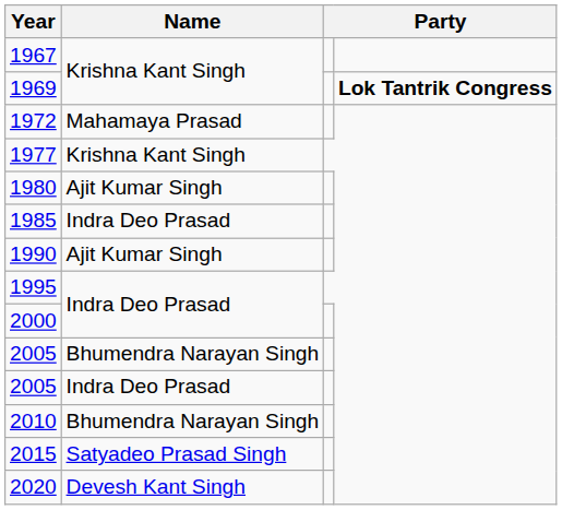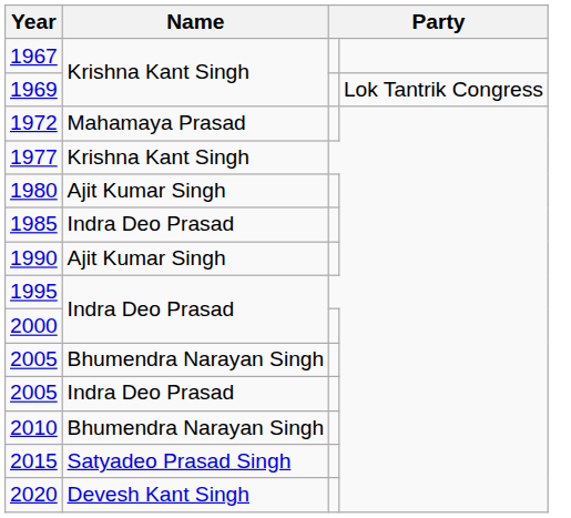 <table class="wikitable sortable">
 <tr>
 <th>Year</th>
 <th>Name</th>
 <th colspan="2">Party</th>
 </tr>
 <tr>
 <td><a href='#'>1967</a></td>
 <td rowspan="2">Krishna Kant Singh</td>
 <td></td>
 </tr>
 <tr>
 <td><a href='#'>1969</a></td>
 <td style="background-color: "></td>
-<td><strong>Lok Tantrik Congress</strong></td>
+<td>Lok Tantrik Congress</td>
 </tr>
 <tr>
 <td><a href='#'>1972</a></td>
 <td>Mahamaya Prasad</td>
 <td></td>
 </tr>
 <tr>
 <td><a href='#'>1977</a></td>
 <td>Krishna Kant Singh</td>
 </tr>
 <tr>
 <td><a href='#'>1980</a></td>
 <td>Ajit Kumar Singh</td>
 <td></td>
 </tr>
 <tr>
 <td><a href='#'>1985</a></td>
 <td>Indra Deo Prasad</td>
 <td></td>
 </tr>
 <tr>
 <td><a href='#'>1990</a></td>
 <td>Ajit Kumar Singh</td>
 <td></td>
 </tr>
 <tr>
 <td><a href='#'>1995</a></td>
 <td rowspan="2">Indra Deo Prasad</td>
 </tr>
 <tr>
 <td><a href='#'>2000</a></td>
 <td></td>
 </tr>
 <tr>
 <td><a href='#'>2005</a></td>
 <td>Bhumendra Narayan Singh</td>
 <td></td>
 </tr>
 <tr>
 <td><a href='#'>2005</a></td>
 <td>Indra Deo Prasad</td>
 <td></td>
 </tr>
 <tr>
 <td><a href='#'>2010</a></td>
 <td>Bhumendra Narayan Singh</td>
 <td></td>
 </tr>
 <tr>
 <td><a href='#'>2015</a></td>
 <td><a href='#'>Satyadeo Prasad Singh</a></td>
 <td></td>
 </tr>
 <tr>
 <td><a href='#'>2020</a></td>
 <td><a href='#'>Devesh Kant Singh</a></td>
 <td></td>
 </tr>
 </table>
